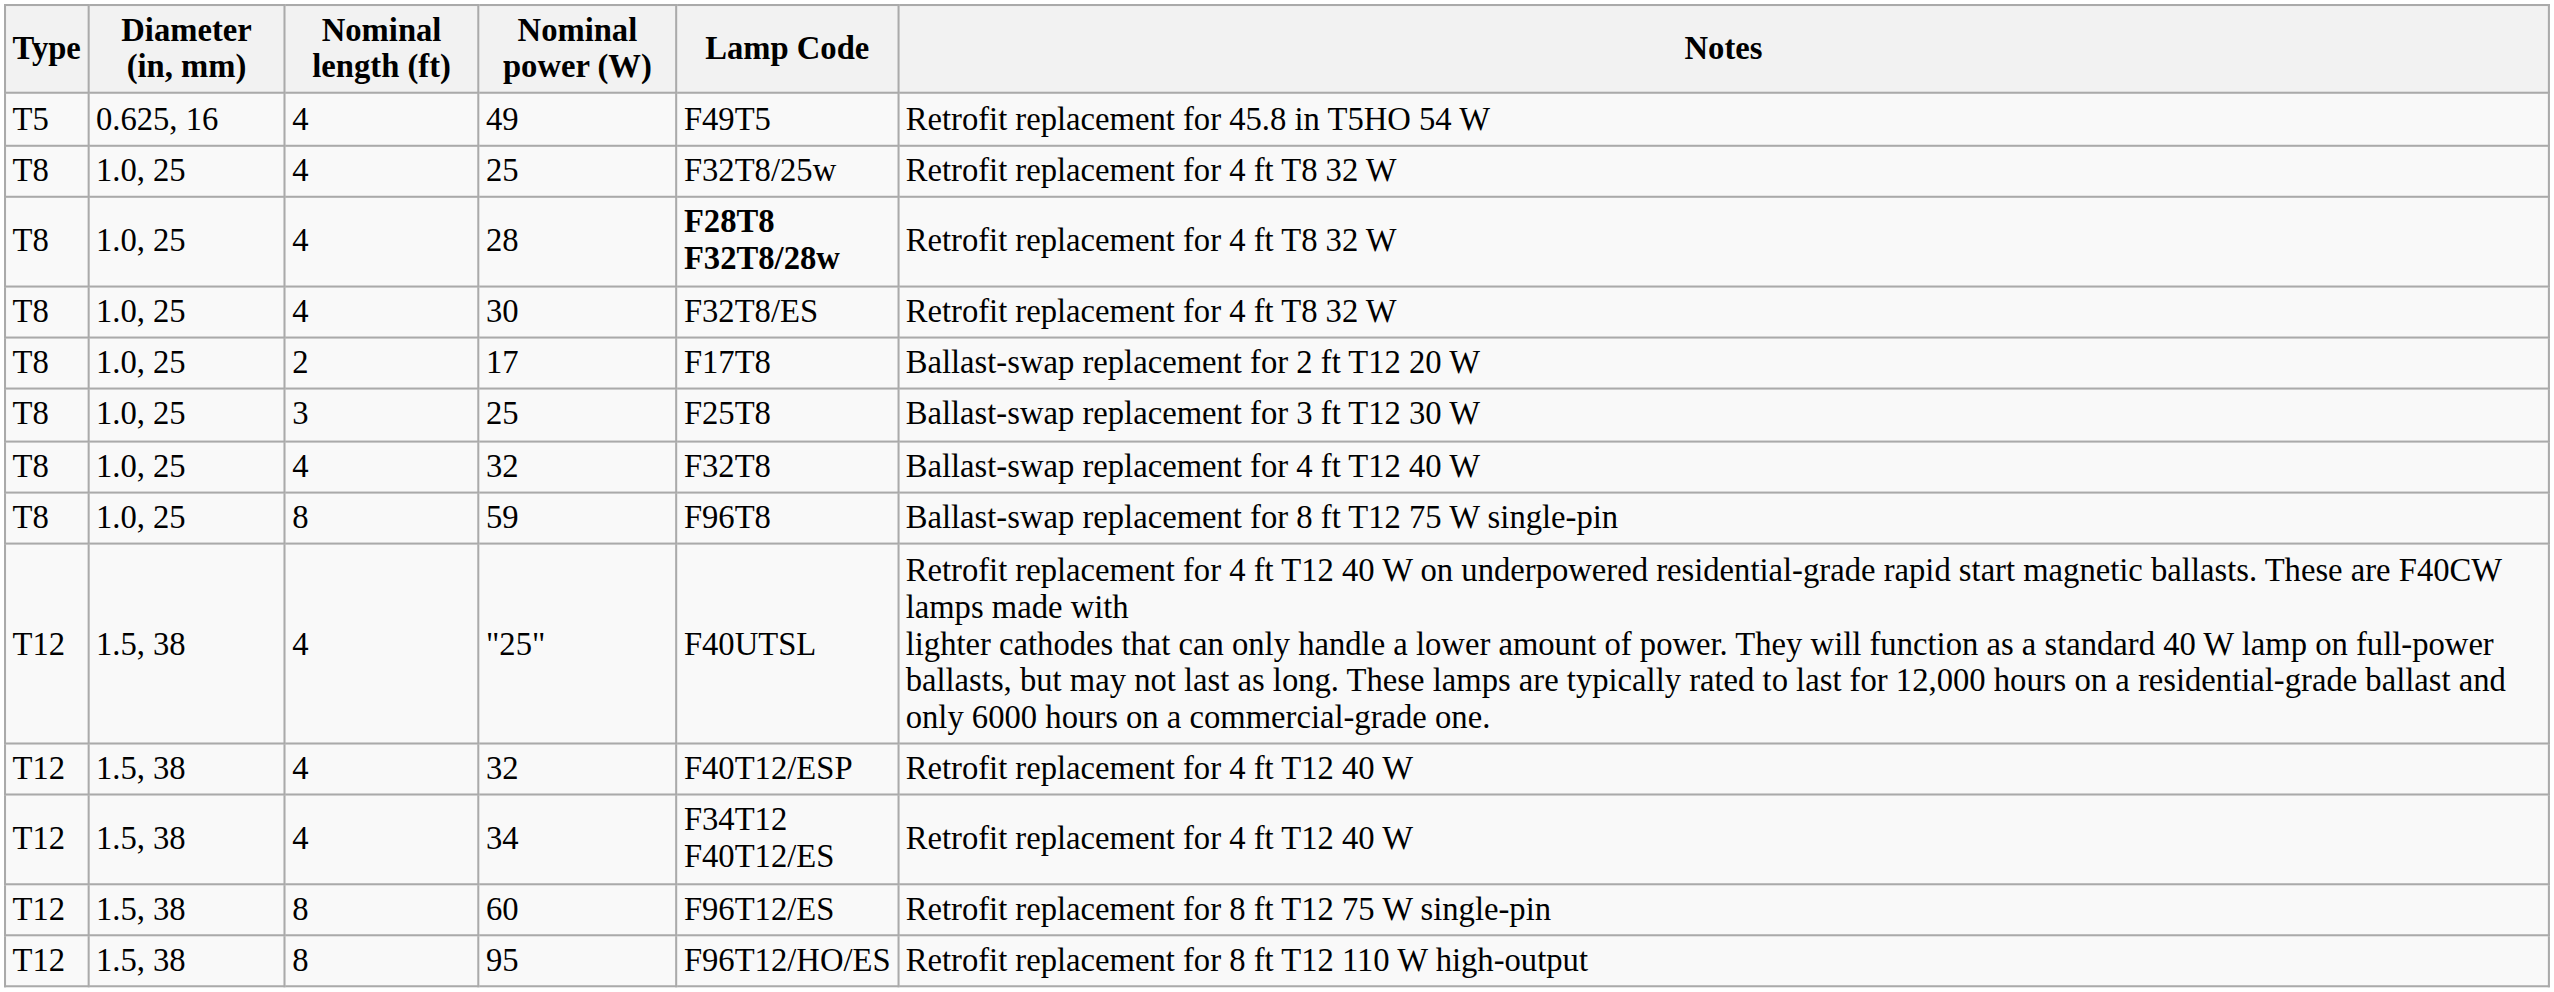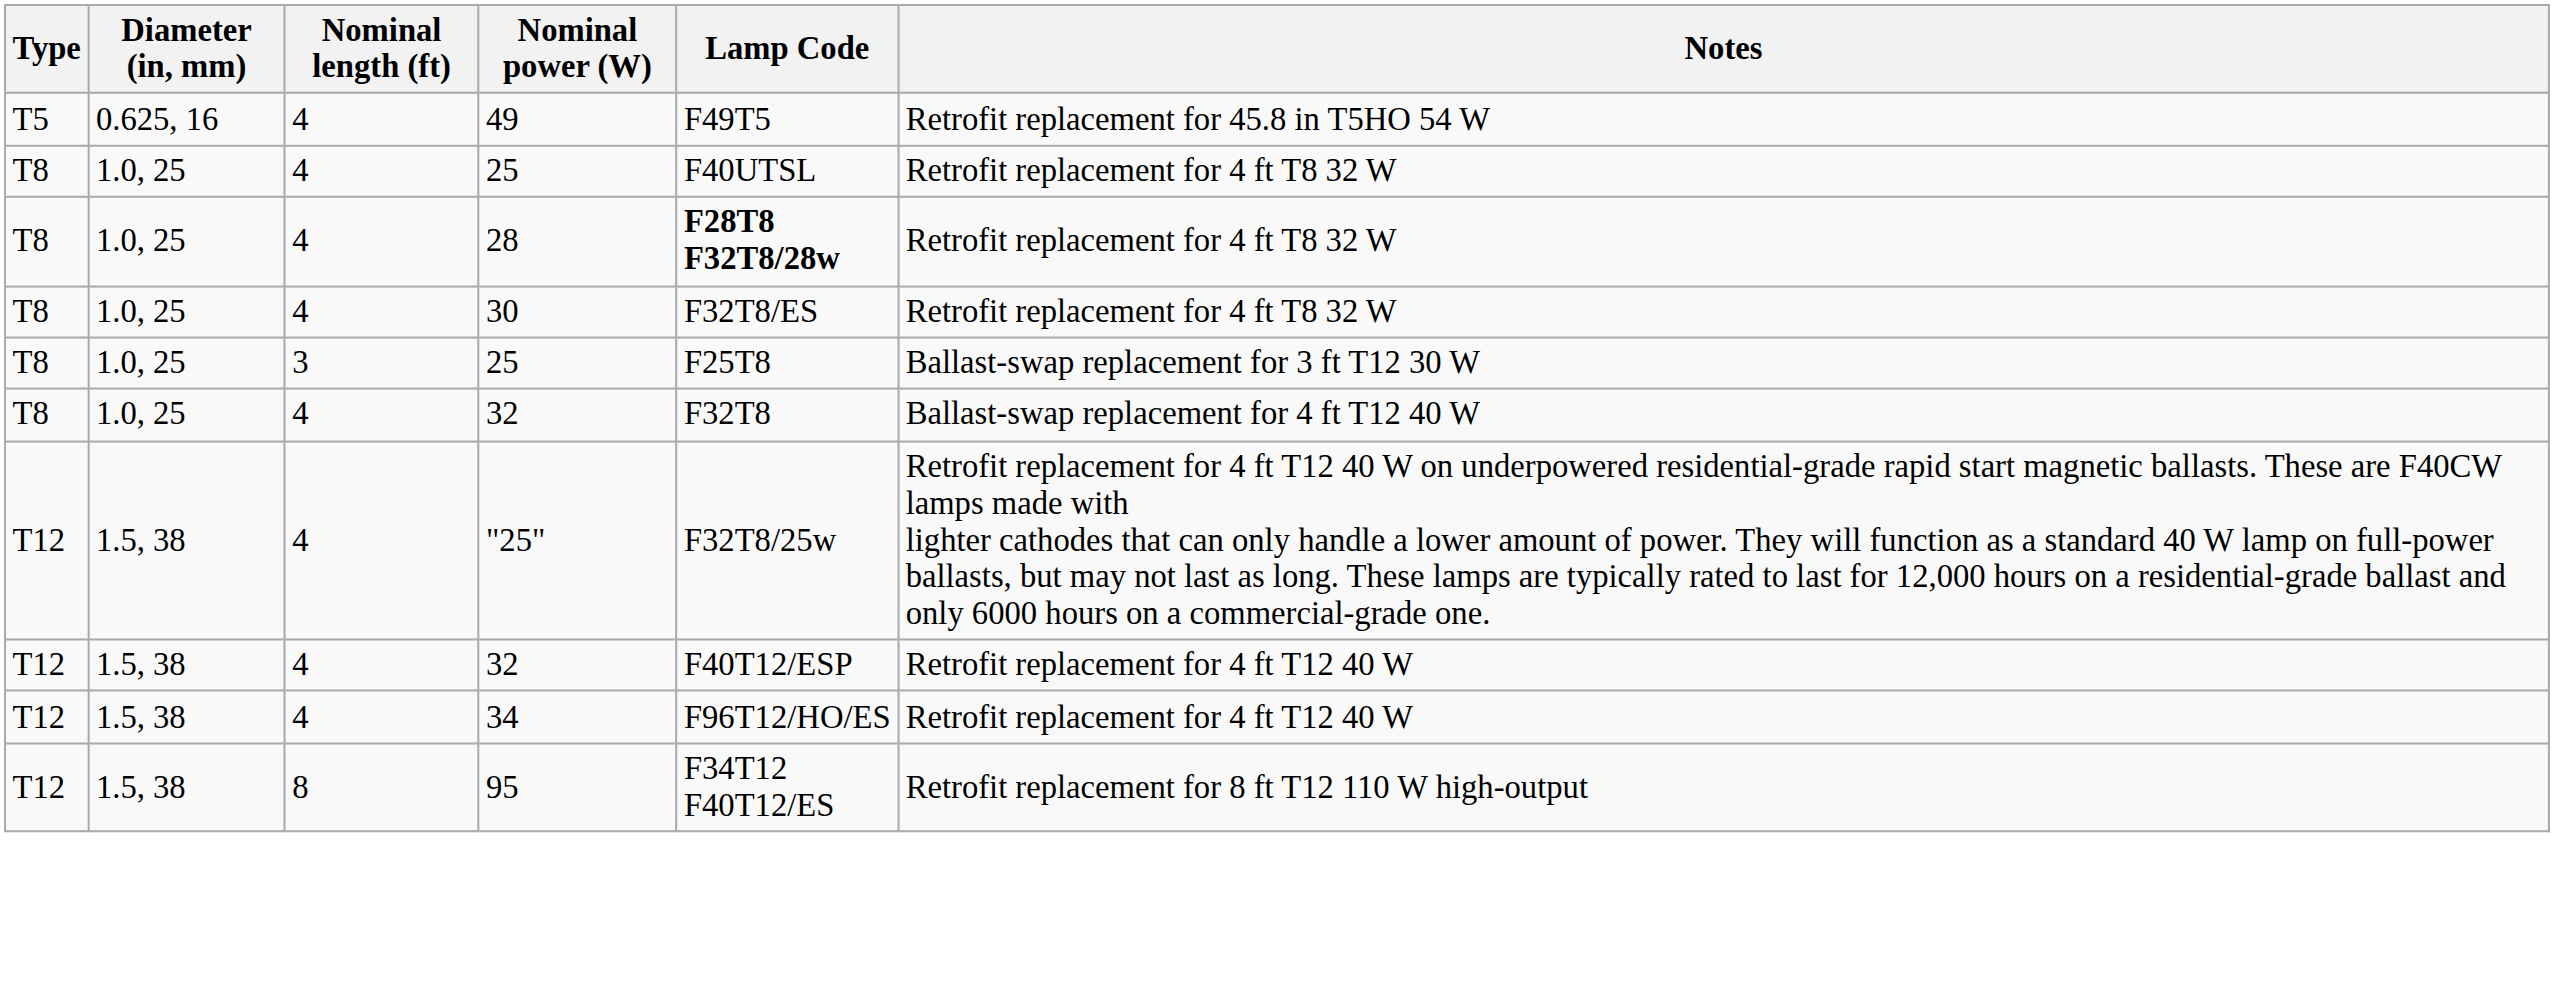 <table class="wikitable">
 <tr>
 <th>Type</th>
 <th>Diameter (in, mm)</th>
 <th>Nominal length (ft)</th>
 <th>Nominal power (W)</th>
 <th>Lamp Code</th>
 <th>Notes</th>
 </tr>
 <tr>
 <td>T5</td>
 <td>0.625, 16</td>
 <td>4</td>
 <td>49</td>
 <td>F49T5</td>
 <td>Retrofit replacement for 45.8 in T5HO 54 W</td>
 </tr>
 <tr>
 <td>T8</td>
 <td>1.0, 25</td>
 <td>4</td>
 <td>25</td>
-<td>F32T8/25w</td>
+<td>F40UTSL</td>
 <td>Retrofit replacement for 4 ft T8 32 W</td>
 </tr>
 <tr>
 <td>T8</td>
 <td>1.0, 25</td>
 <td>4</td>
 <td>28</td>
 <td><strong>F28T8<br>F32T8/28w</strong></td>
 <td>Retrofit replacement for 4 ft T8 32 W</td>
 </tr>
 <tr>
 <td>T8</td>
 <td>1.0, 25</td>
 <td>4</td>
 <td>30</td>
 <td>F32T8/ES</td>
 <td>Retrofit replacement for 4 ft T8 32 W</td>
 </tr>
 <tr>
 <td>T8</td>
 <td>1.0, 25</td>
-<td>2</td>
-<td>17</td>
-<td>F17T8</td>
-<td>Ballast-swap replacement for 2 ft T12 20 W</td>
-</tr>
-<tr>
-<td>T8</td>
-<td>1.0, 25</td>
 <td>3</td>
 <td>25</td>
 <td>F25T8</td>
 <td>Ballast-swap replacement for 3 ft T12 30 W</td>
 </tr>
 <tr>
 <td>T8</td>
 <td>1.0, 25</td>
 <td>4</td>
 <td>32</td>
 <td>F32T8</td>
 <td>Ballast-swap replacement for 4 ft T12 40 W</td>
 </tr>
 <tr>
-<td>T8</td>
-<td>1.0, 25</td>
-<td>8</td>
-<td>59</td>
-<td>F96T8</td>
-<td>Ballast-swap replacement for 8 ft T12 75 W single-pin</td>
-</tr>
-<tr>
 <td>T12</td>
 <td>1.5, 38</td>
 <td>4</td>
 <td>"25"</td>
-<td>F40UTSL</td>
+<td>F32T8/25w</td>
 <td>Retrofit replacement for 4 ft T12 40 W on underpowered residential-grade rapid start magnetic ballasts. These are F40CW lamps made with<br>lighter cathodes that can only handle a lower amount of power. They will function as a standard 40 W lamp on full-power ballasts, but may not last as long. These lamps are typically rated to last for 12,000  hours on a residential-grade ballast and only 6000 hours on a commercial-grade one.</td>
 </tr>
 <tr>
 <td>T12</td>
 <td>1.5, 38</td>
 <td>4</td>
 <td>32</td>
 <td>F40T12/ESP</td>
 <td>Retrofit replacement for 4 ft T12 40 W</td>
 </tr>
 <tr>
 <td>T12</td>
 <td>1.5, 38</td>
 <td>4</td>
 <td>34</td>
-<td>F34T12<br>F40T12/ES</td>
+<td>F96T12/HO/ES</td>
 <td>Retrofit replacement for 4 ft T12 40 W</td>
 </tr>
 <tr>
 <td>T12</td>
 <td>1.5, 38</td>
 <td>8</td>
-<td>60</td>
-<td>F96T12/ES</td>
-<td>Retrofit replacement for 8 ft T12 75 W single-pin</td>
-</tr>
-<tr>
-<td>T12</td>
-<td>1.5, 38</td>
-<td>8</td>
 <td>95</td>
-<td>F96T12/HO/ES</td>
+<td>F34T12<br>F40T12/ES</td>
 <td>Retrofit replacement for 8 ft T12 110 W high-output</td>
 </tr>
 </table>
